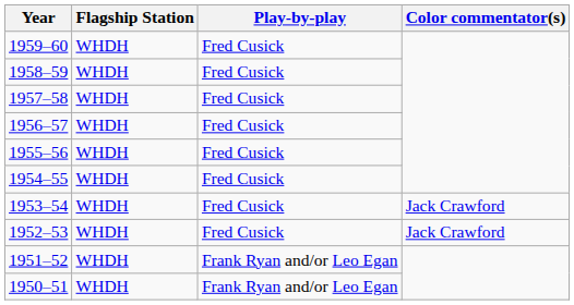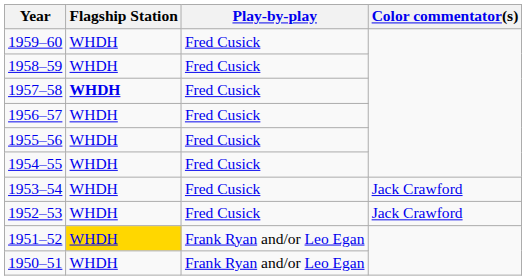 <table class="wikitable">
 <tr>
 <th>Year</th>
 <th>Flagship Station</th>
 <th><a href='#'>Play-by-play</a></th>
 <th><a href='#'>Color commentator</a>(s)</th>
 </tr>
 <tr>
 <td><a href='#'>1959–60</a></td>
 <td><a href='#'>WHDH</a></td>
 <td><a href='#'>Fred Cusick</a></td>
 </tr>
 <tr>
 <td><a href='#'>1958–59</a></td>
 <td><a href='#'>WHDH</a></td>
 <td><a href='#'>Fred Cusick</a></td>
 </tr>
 <tr>
 <td><a href='#'>1957–58</a></td>
-<td><a href='#'>WHDH</a></td>
+<td><strong><a href='#'>WHDH</a></strong></td>
 <td><a href='#'>Fred Cusick</a></td>
 </tr>
 <tr>
 <td><a href='#'>1956–57</a></td>
 <td><a href='#'>WHDH</a></td>
 <td><a href='#'>Fred Cusick</a></td>
 </tr>
 <tr>
 <td><a href='#'>1955–56</a></td>
 <td><a href='#'>WHDH</a></td>
 <td><a href='#'>Fred Cusick</a></td>
 </tr>
 <tr>
 <td><a href='#'>1954–55</a></td>
 <td><a href='#'>WHDH</a></td>
 <td><a href='#'>Fred Cusick</a></td>
 </tr>
 <tr>
 <td><a href='#'>1953–54</a></td>
 <td><a href='#'>WHDH</a></td>
 <td><a href='#'>Fred Cusick</a></td>
 <td><a href='#'>Jack Crawford</a></td>
 </tr>
 <tr>
 <td><a href='#'>1952–53</a></td>
 <td><a href='#'>WHDH</a></td>
 <td><a href='#'>Fred Cusick</a></td>
 <td><a href='#'>Jack Crawford</a></td>
 </tr>
 <tr>
 <td><a href='#'>1951–52</a></td>
-<td><a href='#'>WHDH</a></td>
+<td style="background: gold;"><a href='#'>WHDH</a></td>
 <td><a href='#'>Frank Ryan</a> and/or <a href='#'>Leo Egan</a></td>
 </tr>
 <tr>
 <td><a href='#'>1950–51</a></td>
 <td><a href='#'>WHDH</a></td>
 <td><a href='#'>Frank Ryan</a> and/or <a href='#'>Leo Egan</a></td>
 </tr>
 </table>
